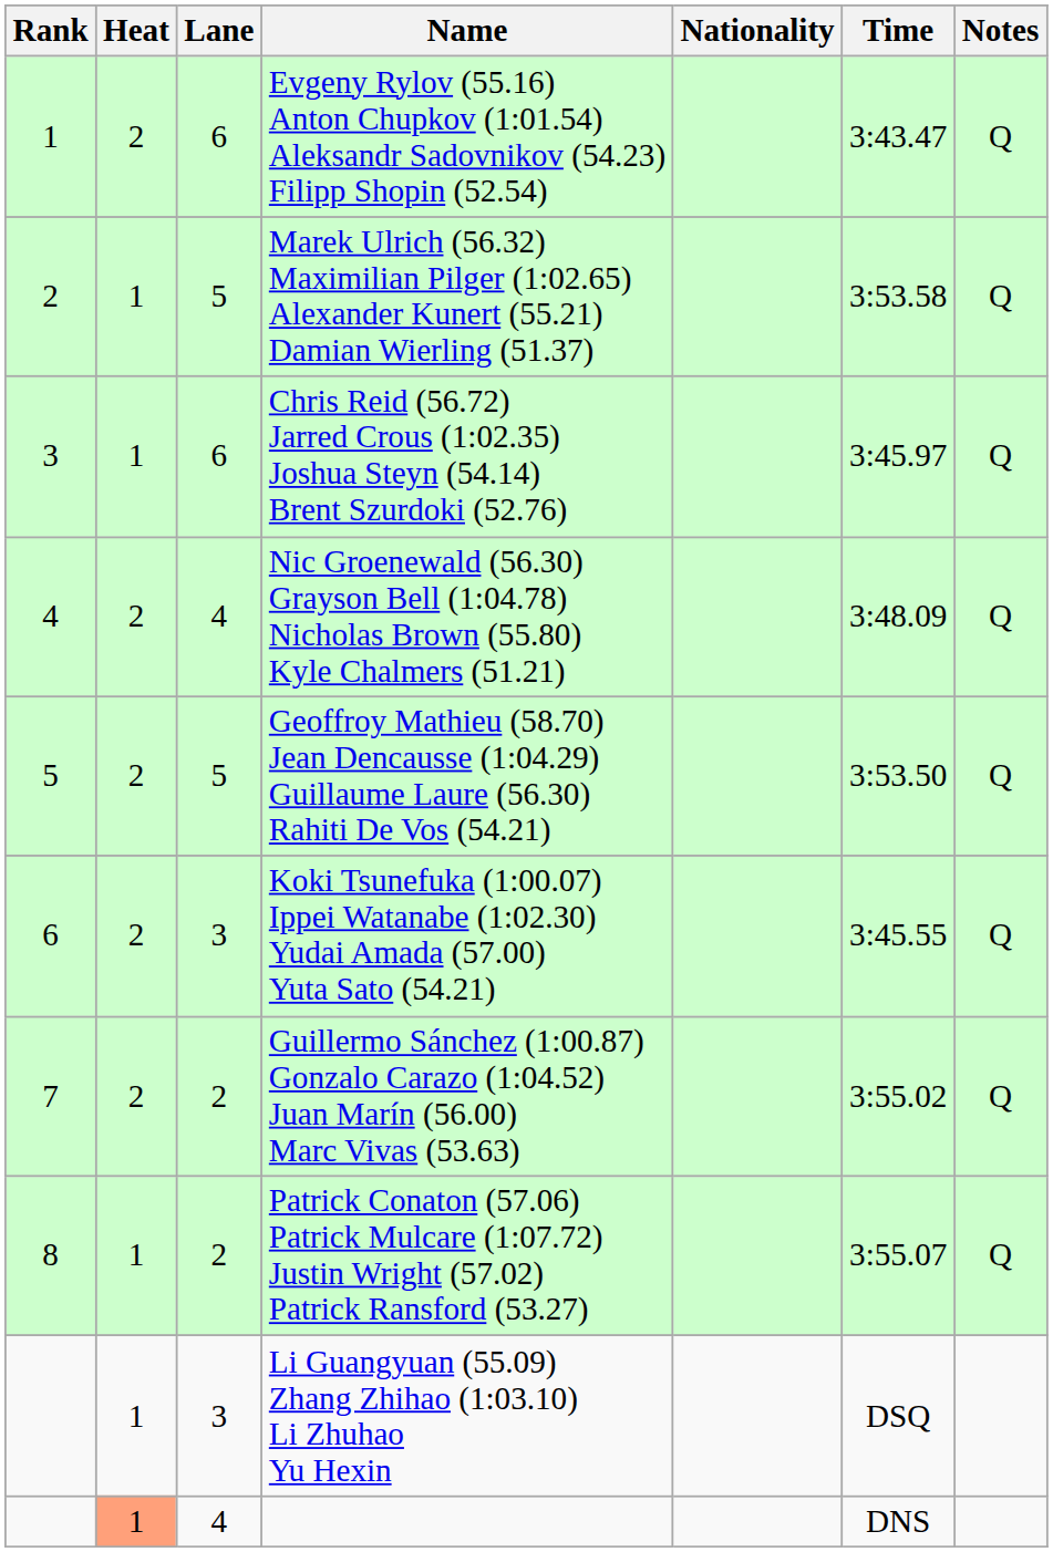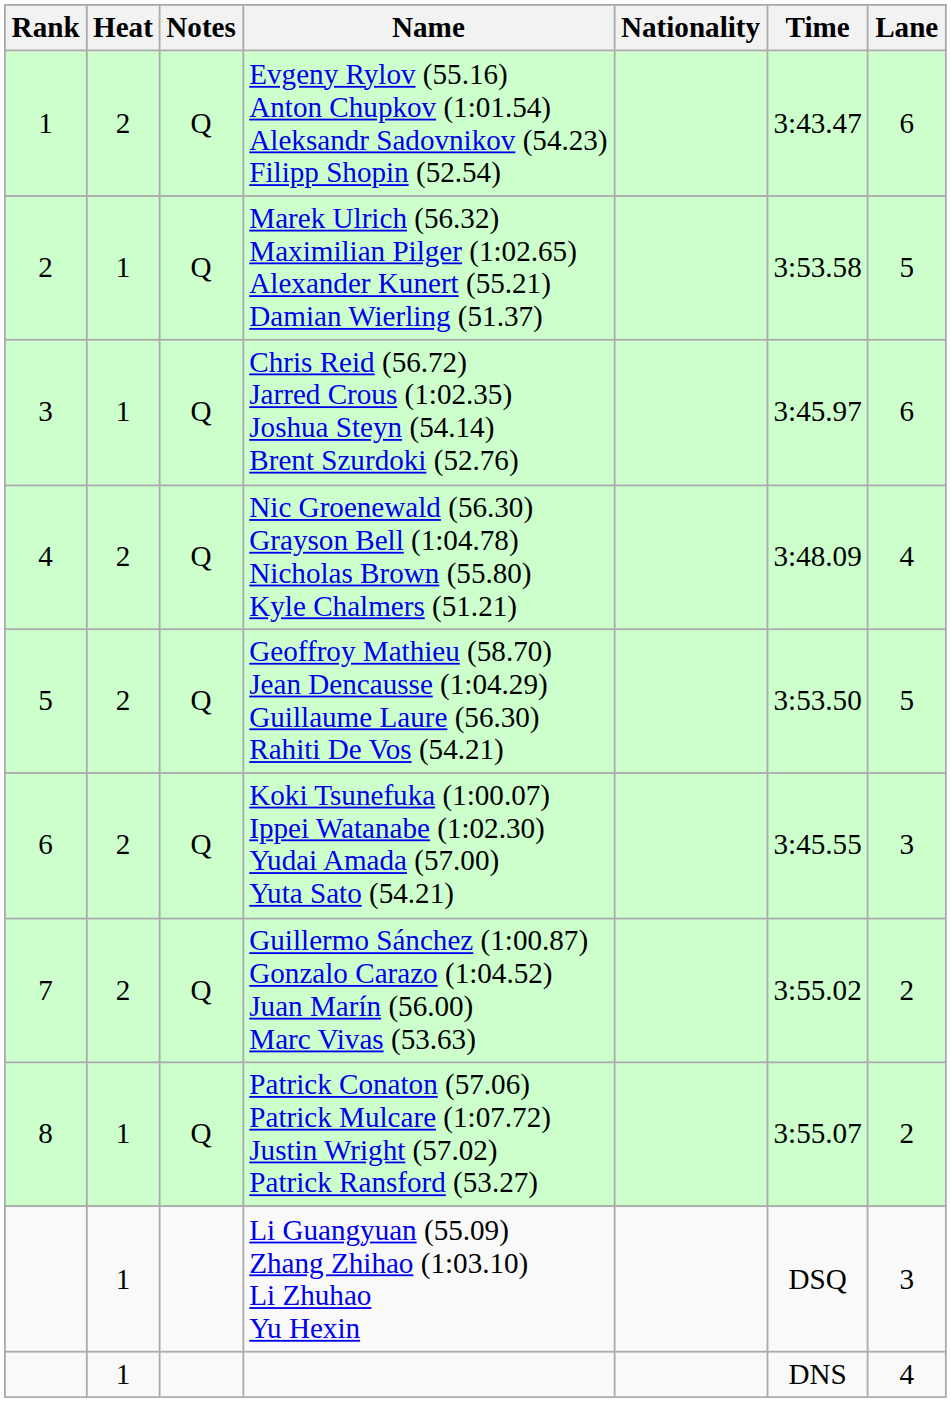 <table class="wikitable sortable" style="text-align:center">
 <tr>
 <th>Rank</th>
 <th>Heat</th>
-<th>Lane</th>
+<th>Notes</th>
 <th>Name</th>
 <th>Nationality</th>
 <th>Time</th>
-<th>Notes</th>
+<th>Lane</th>
 </tr>
 <tr bgcolor=ccffcc>
 <td>1</td>
 <td>2</td>
-<td>6</td>
+<td>Q</td>
 <td align=left><a href='#'>Evgeny Rylov</a> (55.16)<br><a href='#'>Anton Chupkov</a> (1:01.54)<br><a href='#'>Aleksandr Sadovnikov</a> (54.23)<br><a href='#'>Filipp Shopin</a> (52.54)</td>
 <td align=left></td>
 <td>3:43.47</td>
-<td>Q</td>
+<td>6</td>
 </tr>
 <tr bgcolor=ccffcc>
 <td>2</td>
 <td>1</td>
-<td>5</td>
+<td>Q</td>
 <td align=left><a href='#'>Marek Ulrich</a> (56.32)<br><a href='#'>Maximilian Pilger</a> (1:02.65)<br><a href='#'>Alexander Kunert</a> (55.21)<br><a href='#'>Damian Wierling</a> (51.37)</td>
 <td align=left></td>
 <td>3:53.58</td>
-<td>Q</td>
+<td>5</td>
 </tr>
 <tr bgcolor=ccffcc>
 <td>3</td>
 <td>1</td>
-<td>6</td>
+<td>Q</td>
 <td align=left><a href='#'>Chris Reid</a> (56.72)<br><a href='#'>Jarred Crous</a> (1:02.35)<br><a href='#'>Joshua Steyn</a> (54.14)<br><a href='#'>Brent Szurdoki</a> (52.76)</td>
 <td align=left></td>
 <td>3:45.97</td>
-<td>Q</td>
+<td>6</td>
 </tr>
 <tr bgcolor=ccffcc>
 <td>4</td>
 <td>2</td>
-<td>4</td>
+<td>Q</td>
 <td align=left><a href='#'>Nic Groenewald</a> (56.30)<br><a href='#'>Grayson Bell</a> (1:04.78)<br><a href='#'>Nicholas Brown</a> (55.80)<br><a href='#'>Kyle Chalmers</a> (51.21)</td>
 <td align=left></td>
 <td>3:48.09</td>
-<td>Q</td>
+<td>4</td>
 </tr>
 <tr bgcolor=ccffcc>
 <td>5</td>
 <td>2</td>
-<td>5</td>
+<td>Q</td>
 <td align=left><a href='#'>Geoffroy Mathieu</a> (58.70)<br><a href='#'>Jean Dencausse</a> (1:04.29)<br><a href='#'>Guillaume Laure</a> (56.30)<br><a href='#'>Rahiti De Vos</a> (54.21)</td>
 <td align=left></td>
 <td>3:53.50</td>
-<td>Q</td>
+<td>5</td>
 </tr>
 <tr bgcolor=ccffcc>
 <td>6</td>
 <td>2</td>
-<td>3</td>
+<td>Q</td>
 <td align=left><a href='#'>Koki Tsunefuka</a> (1:00.07)<br><a href='#'>Ippei Watanabe</a> (1:02.30)<br><a href='#'>Yudai Amada</a> (57.00)<br><a href='#'>Yuta Sato</a> (54.21)</td>
 <td align=left></td>
 <td>3:45.55</td>
-<td>Q</td>
+<td>3</td>
 </tr>
 <tr bgcolor=ccffcc>
 <td>7</td>
 <td>2</td>
-<td>2</td>
+<td>Q</td>
 <td align=left><a href='#'>Guillermo Sánchez</a> (1:00.87)<br><a href='#'>Gonzalo Carazo</a> (1:04.52)<br><a href='#'>Juan Marín</a> (56.00)<br><a href='#'>Marc Vivas</a> (53.63)</td>
 <td align=left></td>
 <td>3:55.02</td>
-<td>Q</td>
+<td>2</td>
 </tr>
 <tr bgcolor=ccffcc>
 <td>8</td>
 <td>1</td>
-<td>2</td>
+<td>Q</td>
 <td align=left><a href='#'>Patrick Conaton</a> (57.06)<br><a href='#'>Patrick Mulcare</a> (1:07.72)<br><a href='#'>Justin Wright</a> (57.02)<br><a href='#'>Patrick Ransford</a> (53.27)</td>
 <td align=left></td>
 <td>3:55.07</td>
-<td>Q</td>
+<td>2</td>
 </tr>
 <tr>
 <td></td>
 <td>1</td>
-<td>3</td>
+<td></td>
 <td align=left><a href='#'>Li Guangyuan</a> (55.09)<br><a href='#'>Zhang Zhihao</a> (1:03.10)<br><a href='#'>Li Zhuhao</a> <br><a href='#'>Yu Hexin</a></td>
 <td align=left></td>
 <td>DSQ</td>
-<td></td>
+<td>3</td>
 </tr>
 <tr>
 <td></td>
-<td style="background: lightsalmon;">1</td>
-<td>4</td>
+<td>1</td>
+<td></td>
 <td align=left></td>
 <td align=left></td>
 <td>DNS</td>
-<td></td>
+<td>4</td>
 </tr>
 </table>
